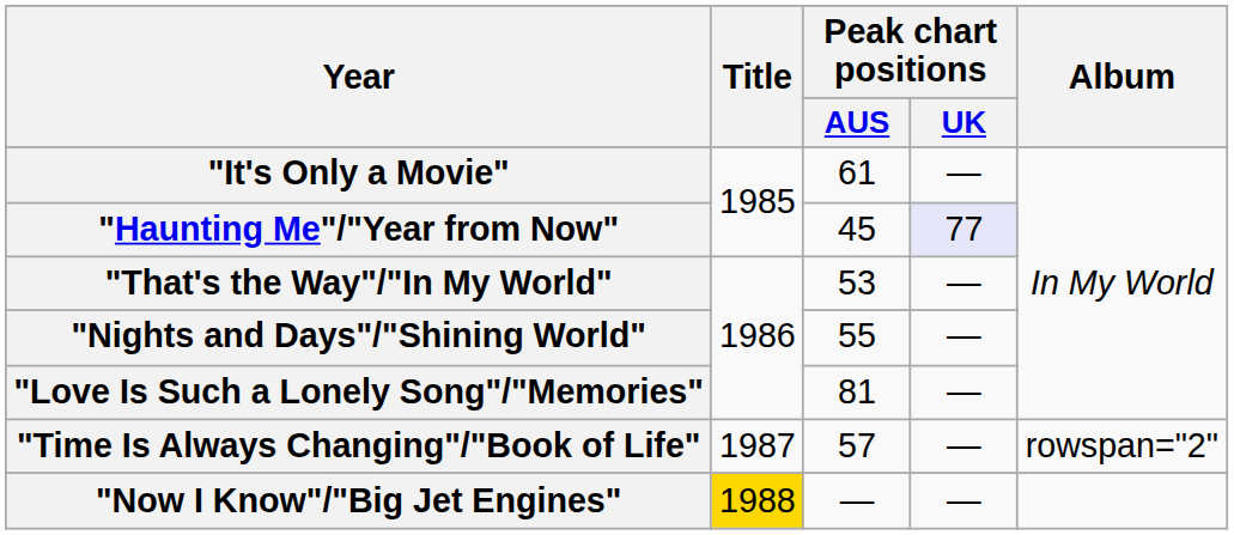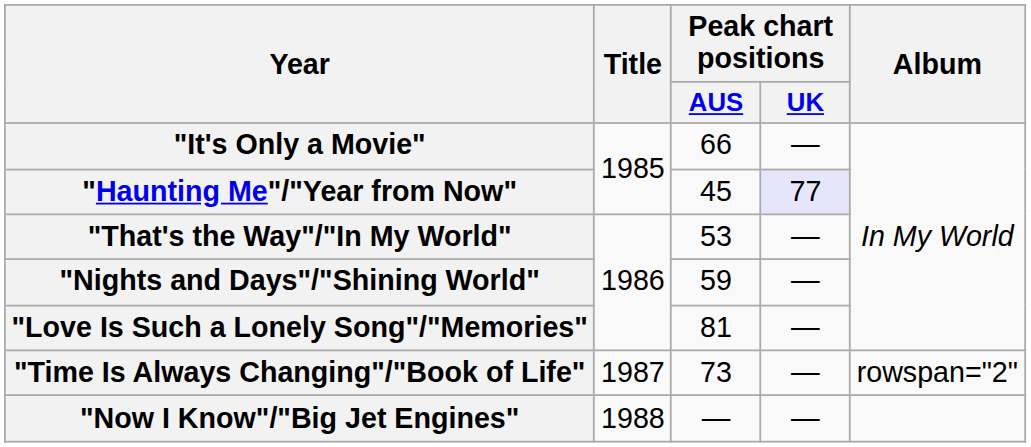 <table class="wikitable plainrowheaders" style="text-align:center">
 <tr>
 <th scope="col" rowspan="2">Year</th>
 <th scope="col" rowspan="2">Title</th>
 <th scope="col" colspan="2">Peak chart positions</th>
 <th scope="col" rowspan="2">Album</th>
 </tr>
 <tr>
 <th scope="col" style="width:3em; font-size:90%"><a href='#'>AUS</a><br></th>
 <th scope="col" style="width:3em; font-size:90%"><a href='#'>UK</a><br></th>
 </tr>
 <tr>
 <th scope="row">"It's Only a Movie"</th>
 <td rowspan="2">1985</td>
-<td>61</td>
+<td>66</td>
 <td>—</td>
 <td rowspan="5"><em>In My World</em></td>
 </tr>
 <tr>
 <th scope="row">"<a href='#'>Haunting Me</a>"/"Year from Now"</th>
 <td>45</td>
 <td style="background: lavender;">77</td>
 </tr>
 <tr>
 <th scope="row">"That's the Way"/"In My World"</th>
 <td rowspan="3">1986</td>
 <td>53</td>
 <td>—</td>
 </tr>
 <tr>
 <th scope="row">"Nights and Days"/"Shining World"</th>
-<td>55</td>
+<td>59</td>
 <td>—</td>
 </tr>
 <tr>
 <th scope="row">"Love Is Such a Lonely Song"/"Memories"</th>
 <td>81</td>
 <td>—</td>
 </tr>
 <tr>
 <th scope="row">"Time Is Always Changing"/"Book of Life"</th>
 <td>1987</td>
-<td>57</td>
+<td>73</td>
 <td>—</td>
 <td>rowspan="2" </td>
 </tr>
 <tr>
 <th scope="row">"Now I Know"/"Big Jet Engines"</th>
-<td style="background: gold;">1988</td>
+<td>1988</td>
 <td>—</td>
 <td>—</td>
 </tr>
 </table>
